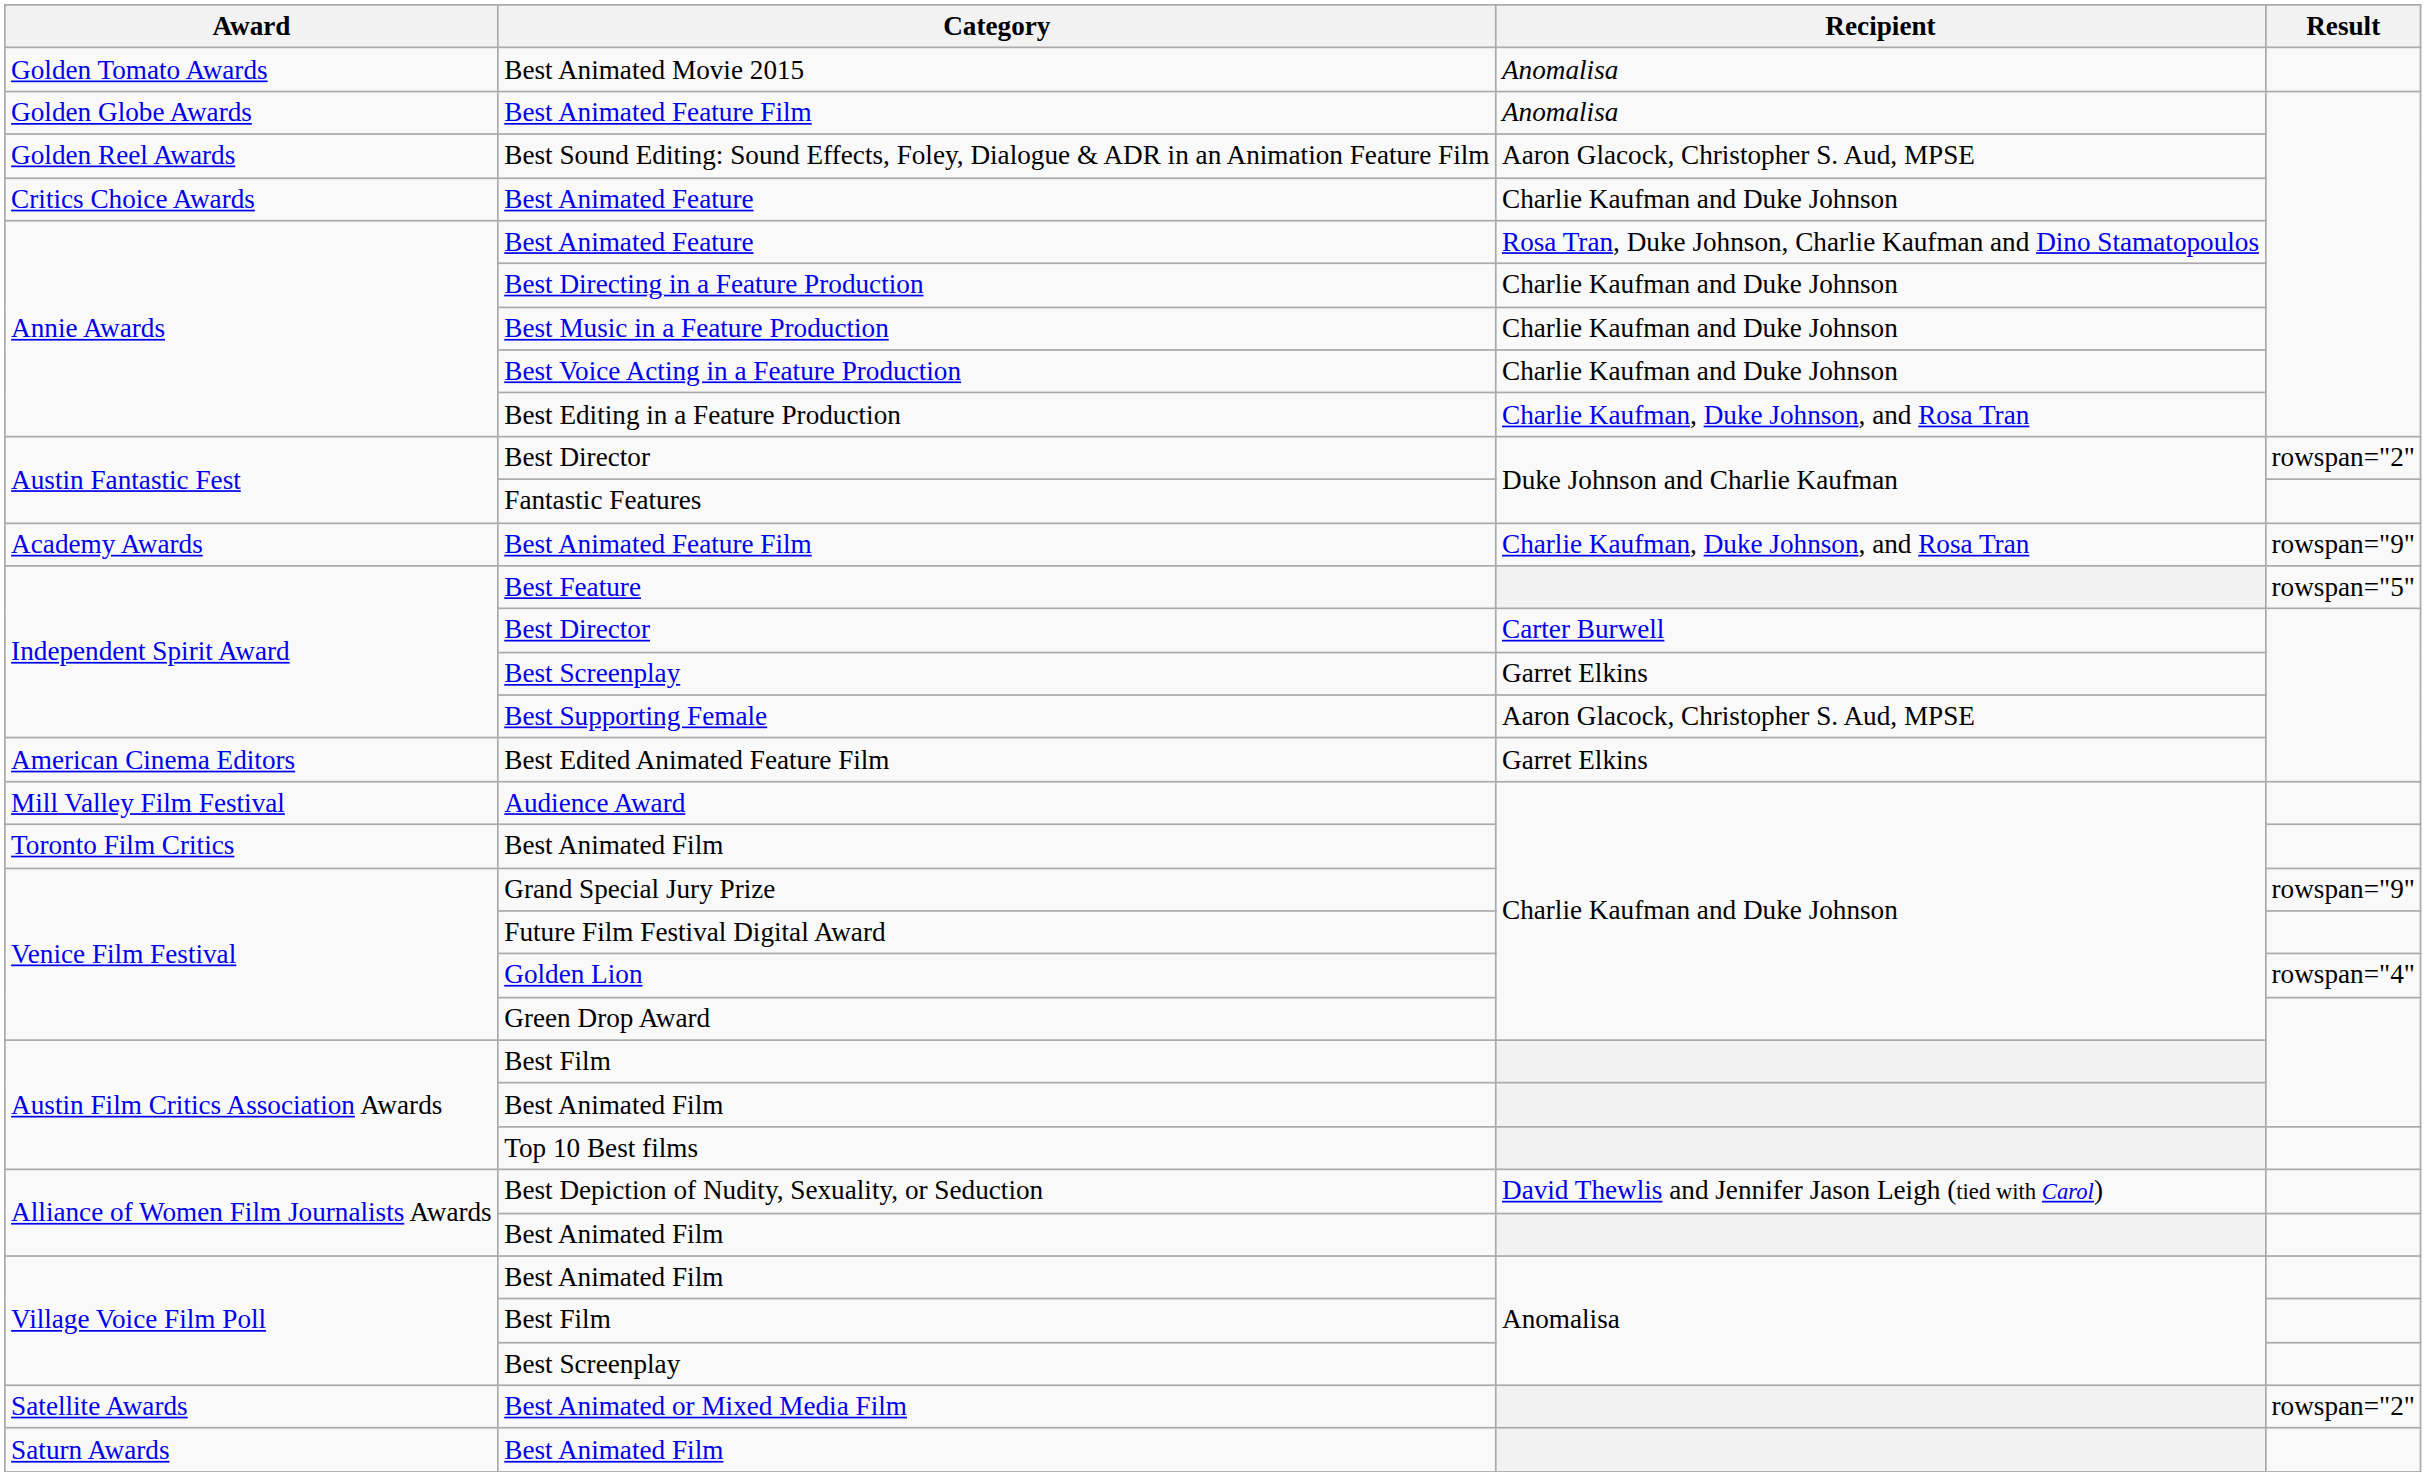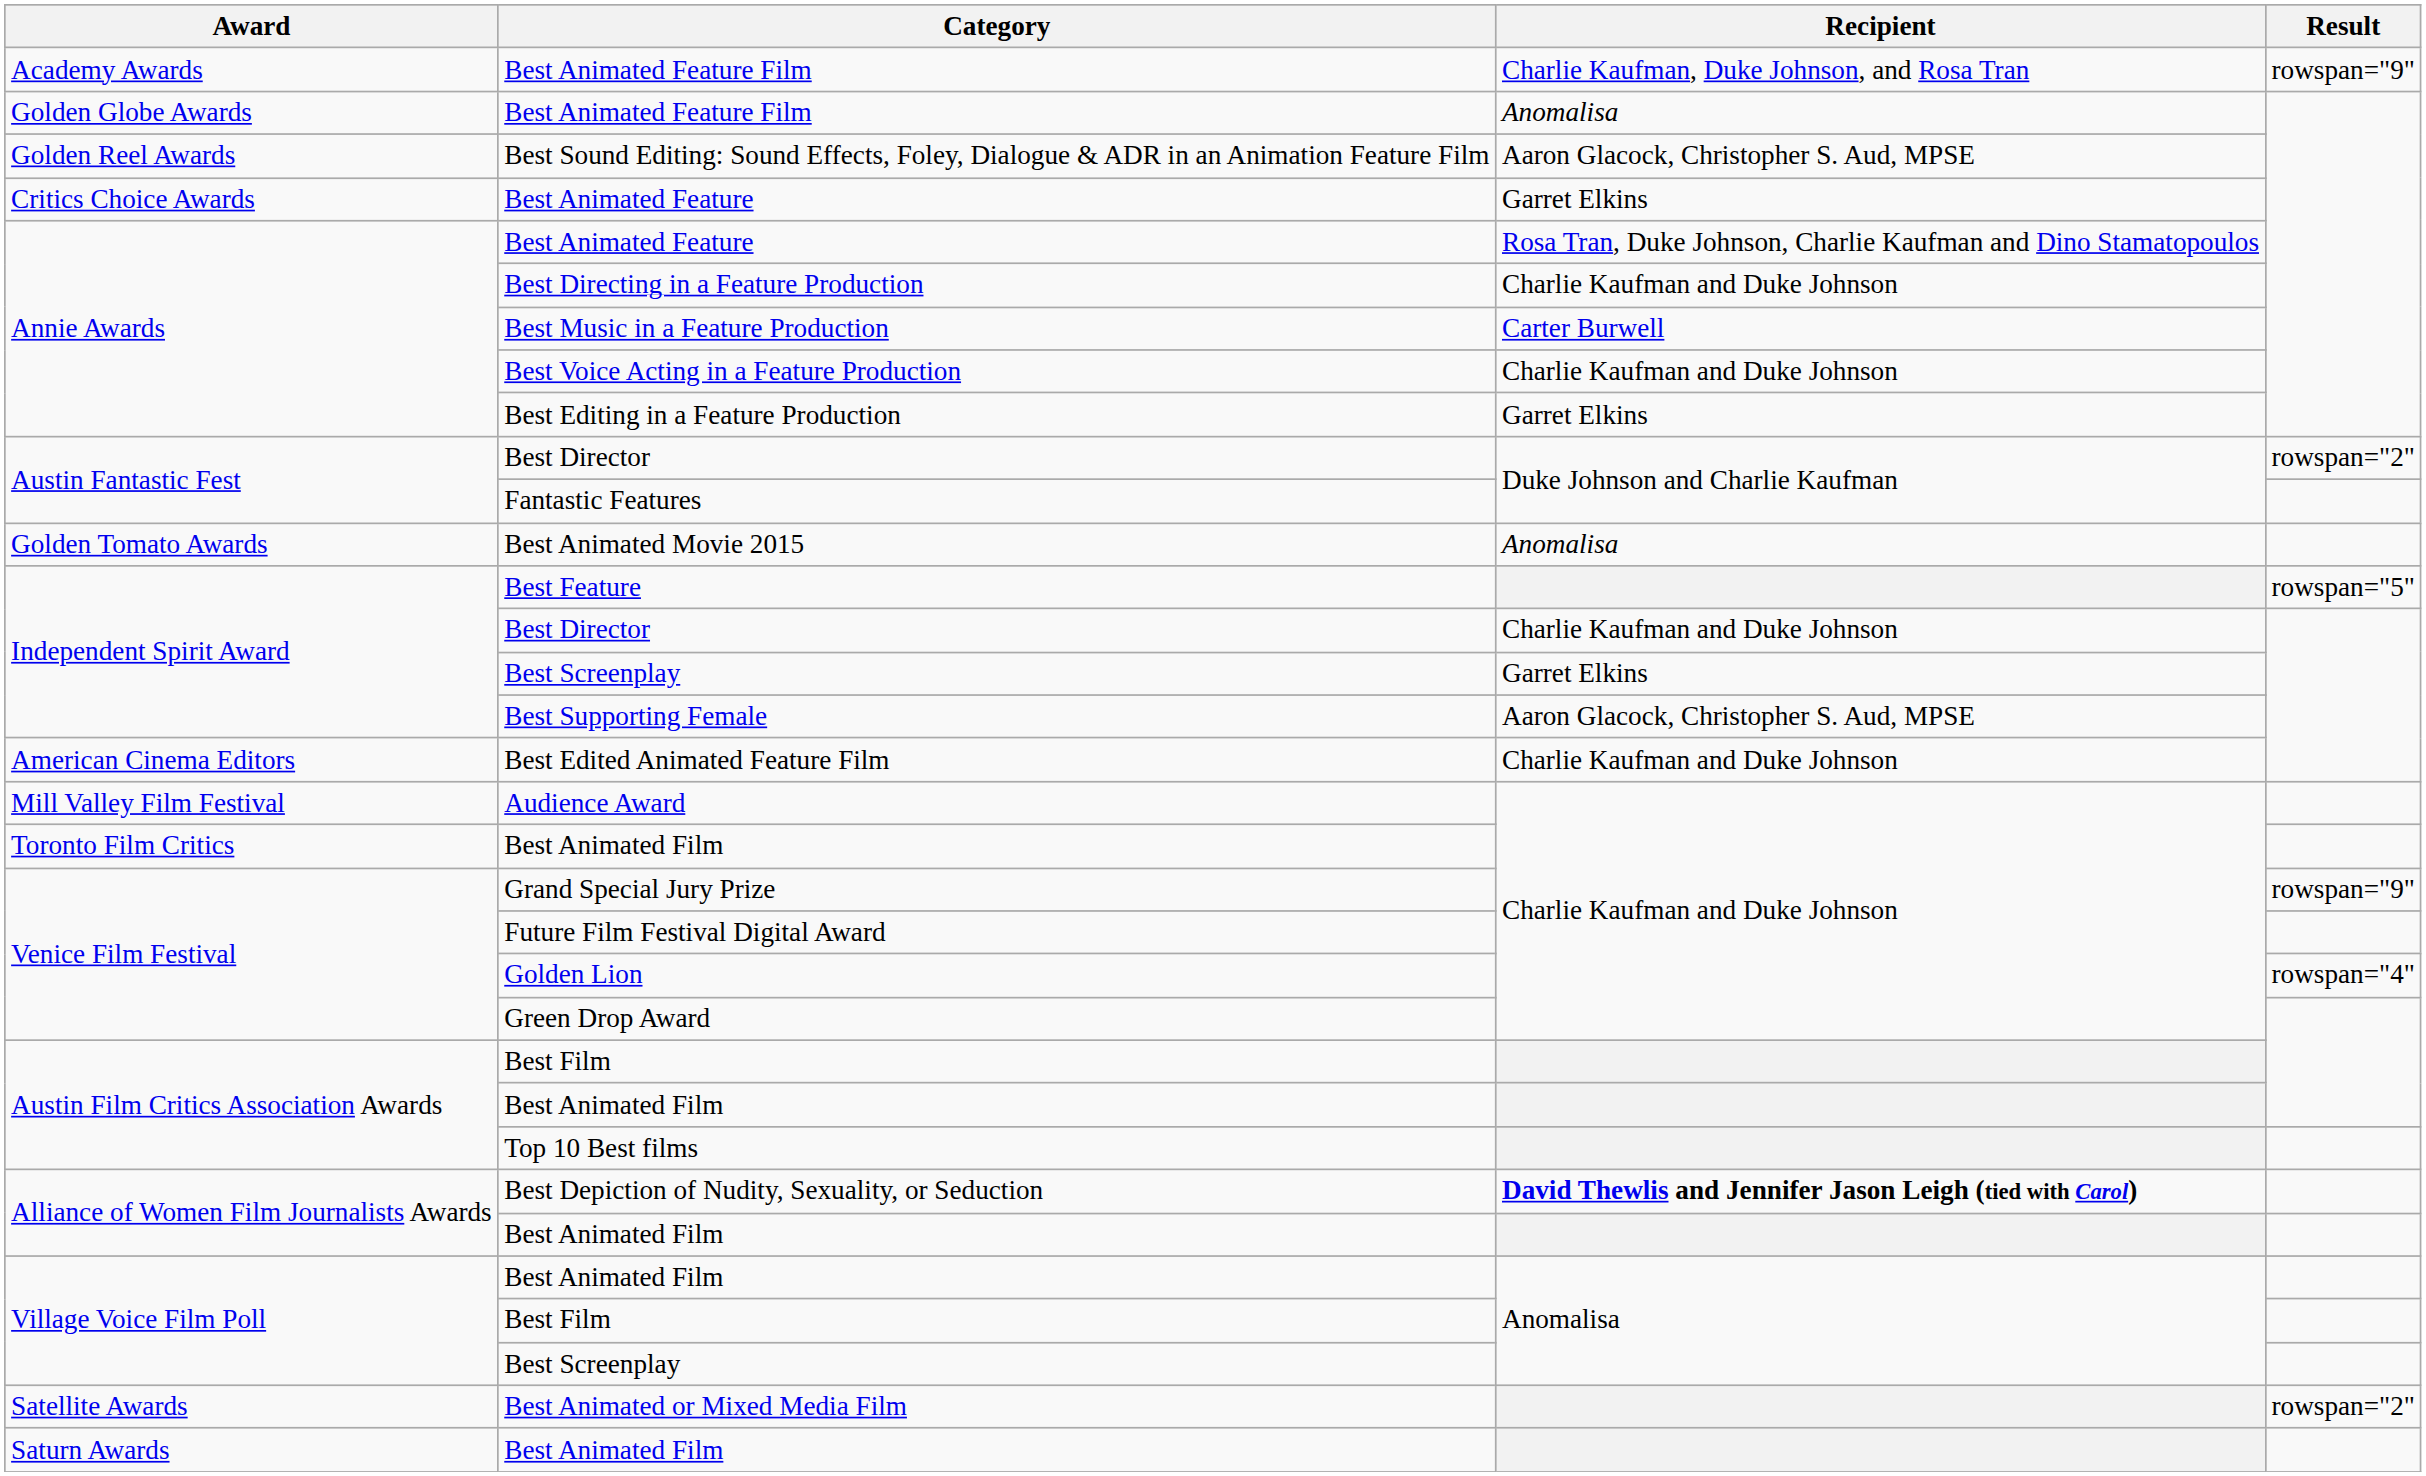 <table class="wikitable">
 <tr>
 <th>Award</th>
 <th>Category</th>
 <th>Recipient</th>
 <th>Result</th>
 </tr>
 <tr>
-<td><a href='#'>Golden Tomato Awards</a></td>
-<td>Best Animated Movie 2015</td>
-<td><em>Anomalisa</em></td>
-<td></td>
+<td><a href='#'>Academy Awards</a></td>
+<td><a href='#'>Best Animated Feature Film</a></td>
+<td><a href='#'>Charlie Kaufman</a>, <a href='#'>Duke Johnson</a>, and <a href='#'>Rosa Tran</a></td>
+<td>rowspan="9" </td>
 </tr>
 <tr>
 <td><a href='#'>Golden Globe Awards</a></td>
 <td><a href='#'>Best Animated Feature Film</a></td>
 <td><em>Anomalisa</em></td>
 </tr>
 <tr>
 <td><a href='#'>Golden Reel Awards</a></td>
 <td>Best Sound Editing: Sound Effects, Foley, Dialogue & ADR in an Animation Feature Film</td>
 <td>Aaron Glacock, Christopher S. Aud, MPSE</td>
 </tr>
 <tr>
 <td><a href='#'>Critics Choice Awards</a></td>
 <td><a href='#'>Best Animated Feature</a></td>
-<td>Charlie Kaufman and Duke Johnson</td>
+<td>Garret Elkins</td>
 </tr>
 <tr>
 <td rowspan="5"><a href='#'>Annie Awards</a></td>
 <td><a href='#'>Best Animated Feature</a></td>
 <td><a href='#'>Rosa Tran</a>, Duke Johnson, Charlie Kaufman and <a href='#'>Dino Stamatopoulos</a></td>
 </tr>
 <tr>
 <td><a href='#'>Best Directing in a Feature Production</a></td>
 <td>Charlie Kaufman and Duke Johnson</td>
 </tr>
 <tr>
 <td><a href='#'>Best Music in a Feature Production</a></td>
-<td>Charlie Kaufman and Duke Johnson</td>
+<td><a href='#'>Carter Burwell</a></td>
 </tr>
 <tr>
 <td><a href='#'>Best Voice Acting in a Feature Production</a></td>
 <td>Charlie Kaufman and Duke Johnson</td>
 </tr>
 <tr>
 <td>Best Editing in a Feature Production</td>
-<td><a href='#'>Charlie Kaufman</a>, <a href='#'>Duke Johnson</a>, and <a href='#'>Rosa Tran</a></td>
+<td>Garret Elkins</td>
 </tr>
 <tr>
 <td rowspan="2"><a href='#'>Austin Fantastic Fest</a></td>
 <td>Best Director</td>
 <td rowspan="2">Duke Johnson and Charlie Kaufman</td>
 <td>rowspan="2" </td>
 </tr>
 <tr>
 <td>Fantastic Features</td>
 </tr>
 <tr>
-<td><a href='#'>Academy Awards</a></td>
-<td><a href='#'>Best Animated Feature Film</a></td>
-<td><a href='#'>Charlie Kaufman</a>, <a href='#'>Duke Johnson</a>, and <a href='#'>Rosa Tran</a></td>
-<td>rowspan="9" </td>
+<td><a href='#'>Golden Tomato Awards</a></td>
+<td>Best Animated Movie 2015</td>
+<td><em>Anomalisa</em></td>
+<td></td>
 </tr>
 <tr>
 <td rowspan="4"><a href='#'>Independent Spirit Award</a></td>
 <td><a href='#'>Best Feature</a></td>
 <th></th>
 <td>rowspan="5" </td>
 </tr>
 <tr>
 <td><a href='#'>Best Director</a></td>
-<td><a href='#'>Carter Burwell</a></td>
+<td>Charlie Kaufman and Duke Johnson</td>
 </tr>
 <tr>
 <td><a href='#'>Best Screenplay</a></td>
 <td>Garret Elkins</td>
 </tr>
 <tr>
 <td><a href='#'>Best Supporting Female</a></td>
 <td>Aaron Glacock, Christopher S. Aud, MPSE</td>
 </tr>
 <tr>
 <td><a href='#'>American Cinema Editors</a></td>
 <td>Best Edited Animated Feature Film</td>
-<td>Garret Elkins</td>
+<td>Charlie Kaufman and Duke Johnson</td>
 </tr>
 <tr>
 <td><a href='#'>Mill Valley Film Festival</a></td>
 <td><a href='#'>Audience Award</a></td>
 <td rowspan="6">Charlie Kaufman and Duke Johnson</td>
 <td></td>
 </tr>
 <tr>
 <td><a href='#'>Toronto Film Critics</a></td>
 <td>Best Animated Film</td>
 <td></td>
 </tr>
 <tr>
 <td rowspan="4"><a href='#'>Venice Film Festival</a></td>
 <td>Grand Special Jury Prize</td>
 <td>rowspan="9" </td>
 </tr>
 <tr>
 <td>Future Film Festival Digital Award</td>
 </tr>
 <tr>
 <td><a href='#'>Golden Lion</a></td>
 <td>rowspan="4" </td>
 </tr>
 <tr>
 <td>Green Drop Award</td>
 </tr>
 <tr>
 <td rowspan="3"><a href='#'>Austin Film Critics Association</a> Awards</td>
 <td>Best Film</td>
 <th></th>
 </tr>
 <tr>
 <td>Best Animated Film</td>
 <th></th>
 </tr>
 <tr>
 <td>Top 10 Best films</td>
 <th></th>
 <td></td>
 </tr>
 <tr>
 <td rowspan="2"><a href='#'>Alliance of Women Film Journalists</a> Awards</td>
 <td>Best Depiction of Nudity, Sexuality, or Seduction</td>
-<td><a href='#'>David Thewlis</a> and Jennifer Jason Leigh (<small>tied with <em><a href='#'>Carol</a></em></small>)</td>
+<td><strong><a href='#'>David Thewlis</a> and Jennifer Jason Leigh (<small>tied with <em><a href='#'>Carol</a></em></small>)</strong></td>
 <td></td>
 </tr>
 <tr>
 <td>Best Animated Film</td>
 <th></th>
 <td></td>
 </tr>
 <tr>
 <td rowspan="3"><a href='#'>Village Voice Film Poll</a></td>
 <td>Best Animated Film</td>
 <td rowspan="3">Anomalisa</td>
 <td></td>
 </tr>
 <tr>
 <td>Best Film</td>
 <td></td>
 </tr>
 <tr>
 <td>Best Screenplay</td>
 <td></td>
 </tr>
 <tr>
 <td><a href='#'>Satellite Awards</a></td>
 <td><a href='#'>Best Animated or Mixed Media Film</a></td>
 <th></th>
 <td>rowspan="2" </td>
 </tr>
 <tr>
 <td><a href='#'>Saturn Awards</a></td>
 <td><a href='#'>Best Animated Film</a></td>
 <th></th>
 </tr>
 </table>
